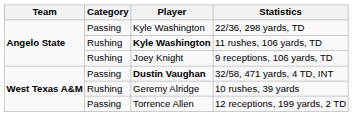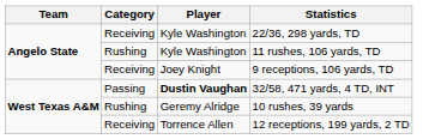 <table class="wikitable" style="float: left;">
 <tr>
 <th>Team</th>
 <th>Category</th>
 <th>Player</th>
 <th>Statistics</th>
 </tr>
 <tr>
 <td rowspan=3><strong>Angelo State</strong></td>
-<td>Passing</td>
+<td>Receiving</td>
 <td>Kyle Washington</td>
 <td>22/36, 298 yards, TD</td>
 </tr>
 <tr>
 <td>Rushing</td>
-<td><strong>Kyle Washington</strong></td>
+<td>Kyle Washington</td>
 <td>11 rushes, 106 yards, TD</td>
 </tr>
 <tr>
-<td>Rushing</td>
+<td>Receiving</td>
 <td>Joey Knight</td>
 <td>9 receptions, 106 yards, TD</td>
 </tr>
 <tr>
 <td rowspan=3><strong>West Texas A&M</strong></td>
 <td>Passing</td>
 <td><strong>Dustin Vaughan</strong></td>
 <td>32/58, 471 yards, 4 TD, INT</td>
 </tr>
 <tr>
 <td>Rushing</td>
 <td>Geremy Alridge</td>
 <td>10 rushes, 39 yards</td>
 </tr>
 <tr>
-<td>Passing</td>
+<td>Receiving</td>
 <td>Torrence Allen</td>
 <td>12 receptions, 199 yards, 2 TD</td>
 </tr>
 </table>
